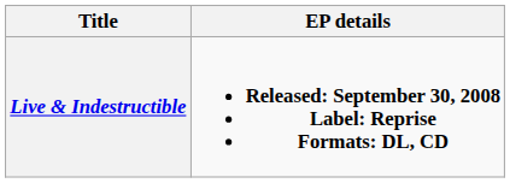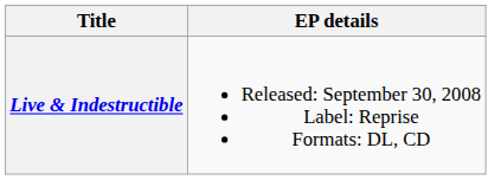 <table class="wikitable plainrowheaders" style="text-align:center;">
 <tr>
 <th scope="col">Title</th>
 <th scope="col">EP details</th>
 </tr>
 <tr>
 <th scope="row"><em><a href='#'>Live & Indestructible</a></em></th>
-<td><strong><br><ul><li>Released: September 30, 2008</li><li>Label: Reprise</li><li>Formats: DL, CD</li></ul></strong></td>
+<td><br><ul><li>Released: September 30, 2008</li><li>Label: Reprise</li><li>Formats: DL, CD</li></ul></td>
 </tr>
 </table>
